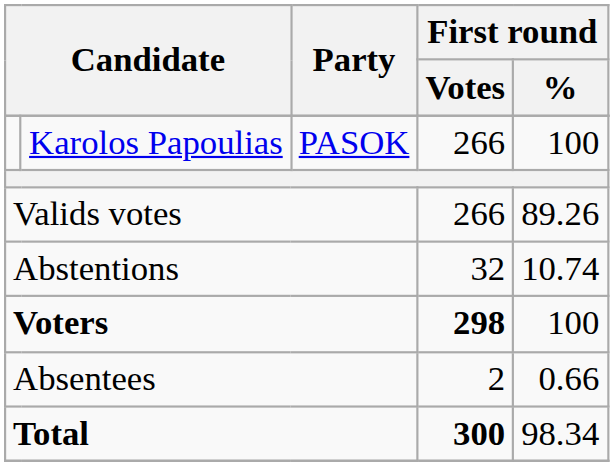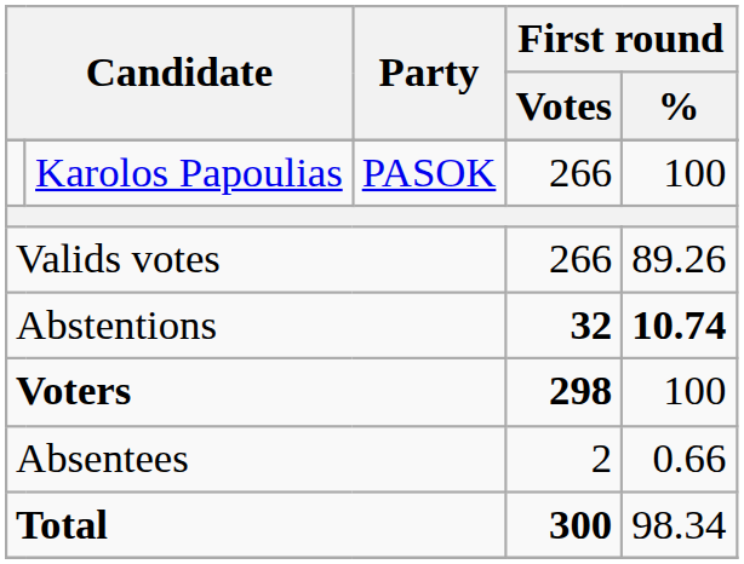 <table class=wikitable style=text-align:right>
 <tr>
 <th colspan=2 rowspan=2>Candidate</th>
 <th rowspan=2>Party</th>
 <th colspan=2>First round</th>
 </tr>
 <tr>
 <th>Votes</th>
 <th>%</th>
 </tr>
 <tr>
 </tr>
 <tr>
 <td bgcolor=></td>
 <td><a href='#'>Karolos Papoulias</a></td>
 <td><a href='#'>PASOK</a></td>
 <td>266</td>
 <td>100</td>
 </tr>
 <tr>
 <th colspan="5"></th>
 </tr>
 <tr>
 <td colspan=3 align=left>Valids votes</td>
 <td>266</td>
 <td>89.26</td>
 </tr>
 <tr>
 <td colspan=3 align=left>Abstentions</td>
-<td>32</td>
-<td>10.74</td>
+<td><strong>32</strong></td>
+<td><strong>10.74</strong></td>
 </tr>
 <tr>
 <td colspan=3 align=left><strong>Voters</strong></td>
 <td><strong>298</strong></td>
 <td>100</td>
 </tr>
 <tr>
 <td colspan=3 align=left>Absentees</td>
 <td>2</td>
 <td>0.66</td>
 </tr>
 <tr>
 <td colspan=3 align=left><strong>Total</strong></td>
 <td><strong>300</strong></td>
 <td>98.34</td>
 </tr>
 <tr>
 </tr>
 </table>
